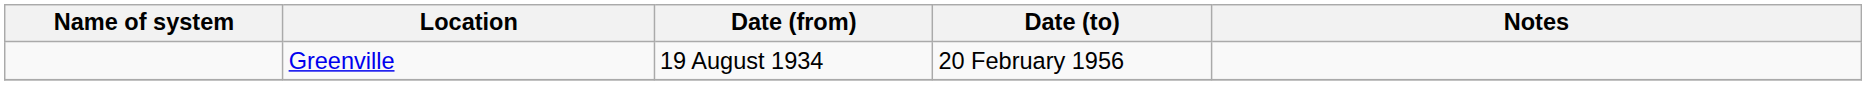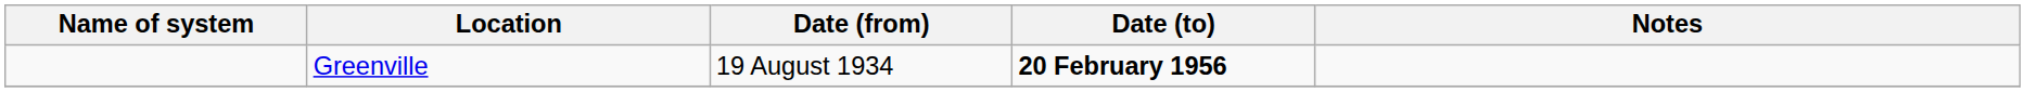 <table class="wikitable" width=100%>
 <tr>
 <th width=15%>Name of system</th>
 <th width=20%>Location</th>
 <th width=15%>Date (from)</th>
 <th width=15%>Date (to)</th>
 <th width=35%>Notes</th>
 </tr>
 <tr>
 <td> </td>
 <td><a href='#'>Greenville</a></td>
 <td>19 August 1934</td>
-<td>20 February 1956</td>
+<td><strong>20 February 1956</strong></td>
 <td> </td>
 </tr>
 <tr>
 </tr>
 </table>
